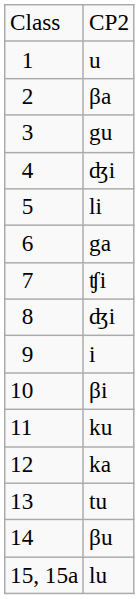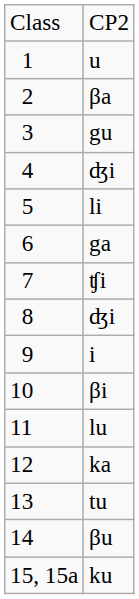 <table class="wikitable">
 <tr>
 <td>Class</td>
 <td>CP2</td>
 </tr>
 <tr>
 <td>  1</td>
 <td>u</td>
 </tr>
 <tr>
 <td>  2</td>
 <td>βa</td>
 </tr>
 <tr>
 <td>  3</td>
 <td>gu</td>
 </tr>
 <tr>
 <td>  4</td>
 <td>ʤi</td>
 </tr>
 <tr>
 <td>  5</td>
 <td>li</td>
 </tr>
 <tr>
 <td>  6</td>
 <td>ga</td>
 </tr>
 <tr>
 <td>  7</td>
 <td>ʧi</td>
 </tr>
 <tr>
 <td>  8</td>
 <td>ʤi</td>
 </tr>
 <tr>
 <td>  9</td>
 <td>i</td>
 </tr>
 <tr>
 <td>10</td>
 <td>βi</td>
 </tr>
 <tr>
 <td>11</td>
-<td>ku</td>
+<td>lu</td>
 </tr>
 <tr>
 <td>12</td>
 <td>ka</td>
 </tr>
 <tr>
 <td>13</td>
 <td>tu</td>
 </tr>
 <tr>
 <td>14</td>
 <td>βu</td>
 </tr>
 <tr>
 <td>15, 15a</td>
-<td>lu</td>
+<td>ku</td>
 </tr>
 </table>
